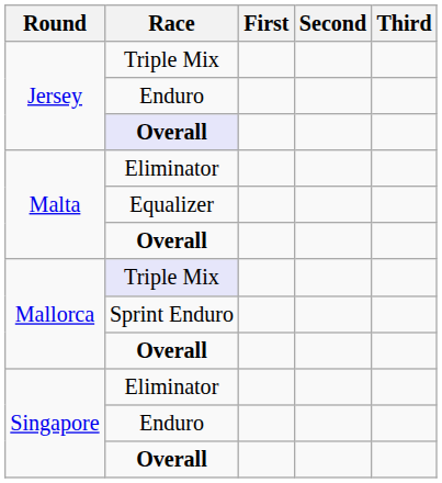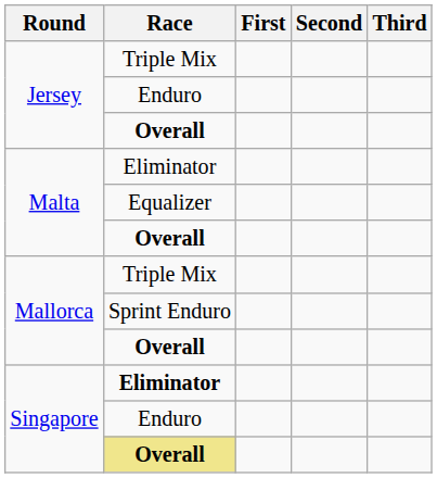 <table class="wikitable" style="text-align:center; font-size:95%">
 <tr>
 <th>Round</th>
 <th>Race</th>
 <th>First</th>
 <th>Second</th>
 <th>Third</th>
 </tr>
 <tr>
 <td rowspan="3" align="centre"><a href='#'>Jersey</a></td>
 <td align="centre">Triple Mix</td>
 <td></td>
 <td></td>
 <td></td>
 </tr>
 <tr>
 <td align="centre">Enduro</td>
 <td></td>
 <td></td>
 <td></td>
 </tr>
 <tr>
-<td style="background: lavender;"><strong>Overall</strong></td>
+<td><strong>Overall</strong></td>
 <td></td>
 <td></td>
 <td></td>
 </tr>
 <tr>
 <td rowspan="3" align="centre"><a href='#'>Malta</a></td>
 <td align="centre">Eliminator</td>
 <td></td>
 <td></td>
 <td></td>
 </tr>
 <tr>
 <td align="centre">Equalizer</td>
 <td></td>
 <td></td>
 <td></td>
 </tr>
 <tr>
 <td><strong>Overall</strong></td>
 <td></td>
 <td></td>
 <td></td>
 </tr>
 <tr>
 <td rowspan="3" align="centre"><a href='#'>Mallorca</a></td>
-<td align="centre" style="background: lavender;">Triple Mix</td>
+<td align="centre">Triple Mix</td>
 <td></td>
 <td></td>
 <td></td>
 </tr>
 <tr>
 <td align="centre">Sprint Enduro</td>
 <td></td>
 <td></td>
 <td></td>
 </tr>
 <tr>
 <td><strong>Overall</strong></td>
 <td></td>
 <td></td>
 <td></td>
 </tr>
 <tr>
 <td rowspan="3" align="centre"><a href='#'>Singapore</a></td>
-<td align="centre">Eliminator</td>
+<td align="centre"><strong>Eliminator</strong></td>
 <td></td>
 <td></td>
 <td></td>
 </tr>
 <tr>
 <td align="centre">Enduro</td>
 <td></td>
 <td></td>
 <td></td>
 </tr>
 <tr>
-<td><strong>Overall</strong></td>
+<td style="background: khaki;"><strong>Overall</strong></td>
 <td></td>
 <td></td>
 <td></td>
 </tr>
 </table>
